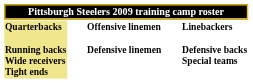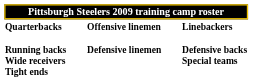 <table class="toccolours" style="text-align: left;">
 <tr>
 <th colspan="7" style="background:black; border:2px solid #f1c500; color:white; text-align:center;">Pittsburgh Steelers 2009 training camp roster</th>
 </tr>
 <tr>
-<td style="background: khaki; font-size:95%; vertical-align:top;"><strong>Quarterbacks</strong><br>    <br><strong>Running backs</strong>         <br><strong>Wide receivers</strong>            <br><strong>Tight ends</strong>     </td>
+<td style="font-size:95%; vertical-align:top;"><strong>Quarterbacks</strong><br>    <br><strong>Running backs</strong>         <br><strong>Wide receivers</strong>            <br><strong>Tight ends</strong>     </td>
 <td style="width: 25px;"></td>
 <td style="font-size:95%; vertical-align:top;"><strong>Offensive linemen</strong><br>            <br><strong>Defensive linemen</strong>            </td>
 <td style="width: 25px;"></td>
 <td style="font-size:95%; vertical-align:top;"><strong>Linebackers</strong><br>           <br><strong>Defensive backs</strong>              <br><strong>Special teams</strong>      <br></td>
 </tr>
 </table>
